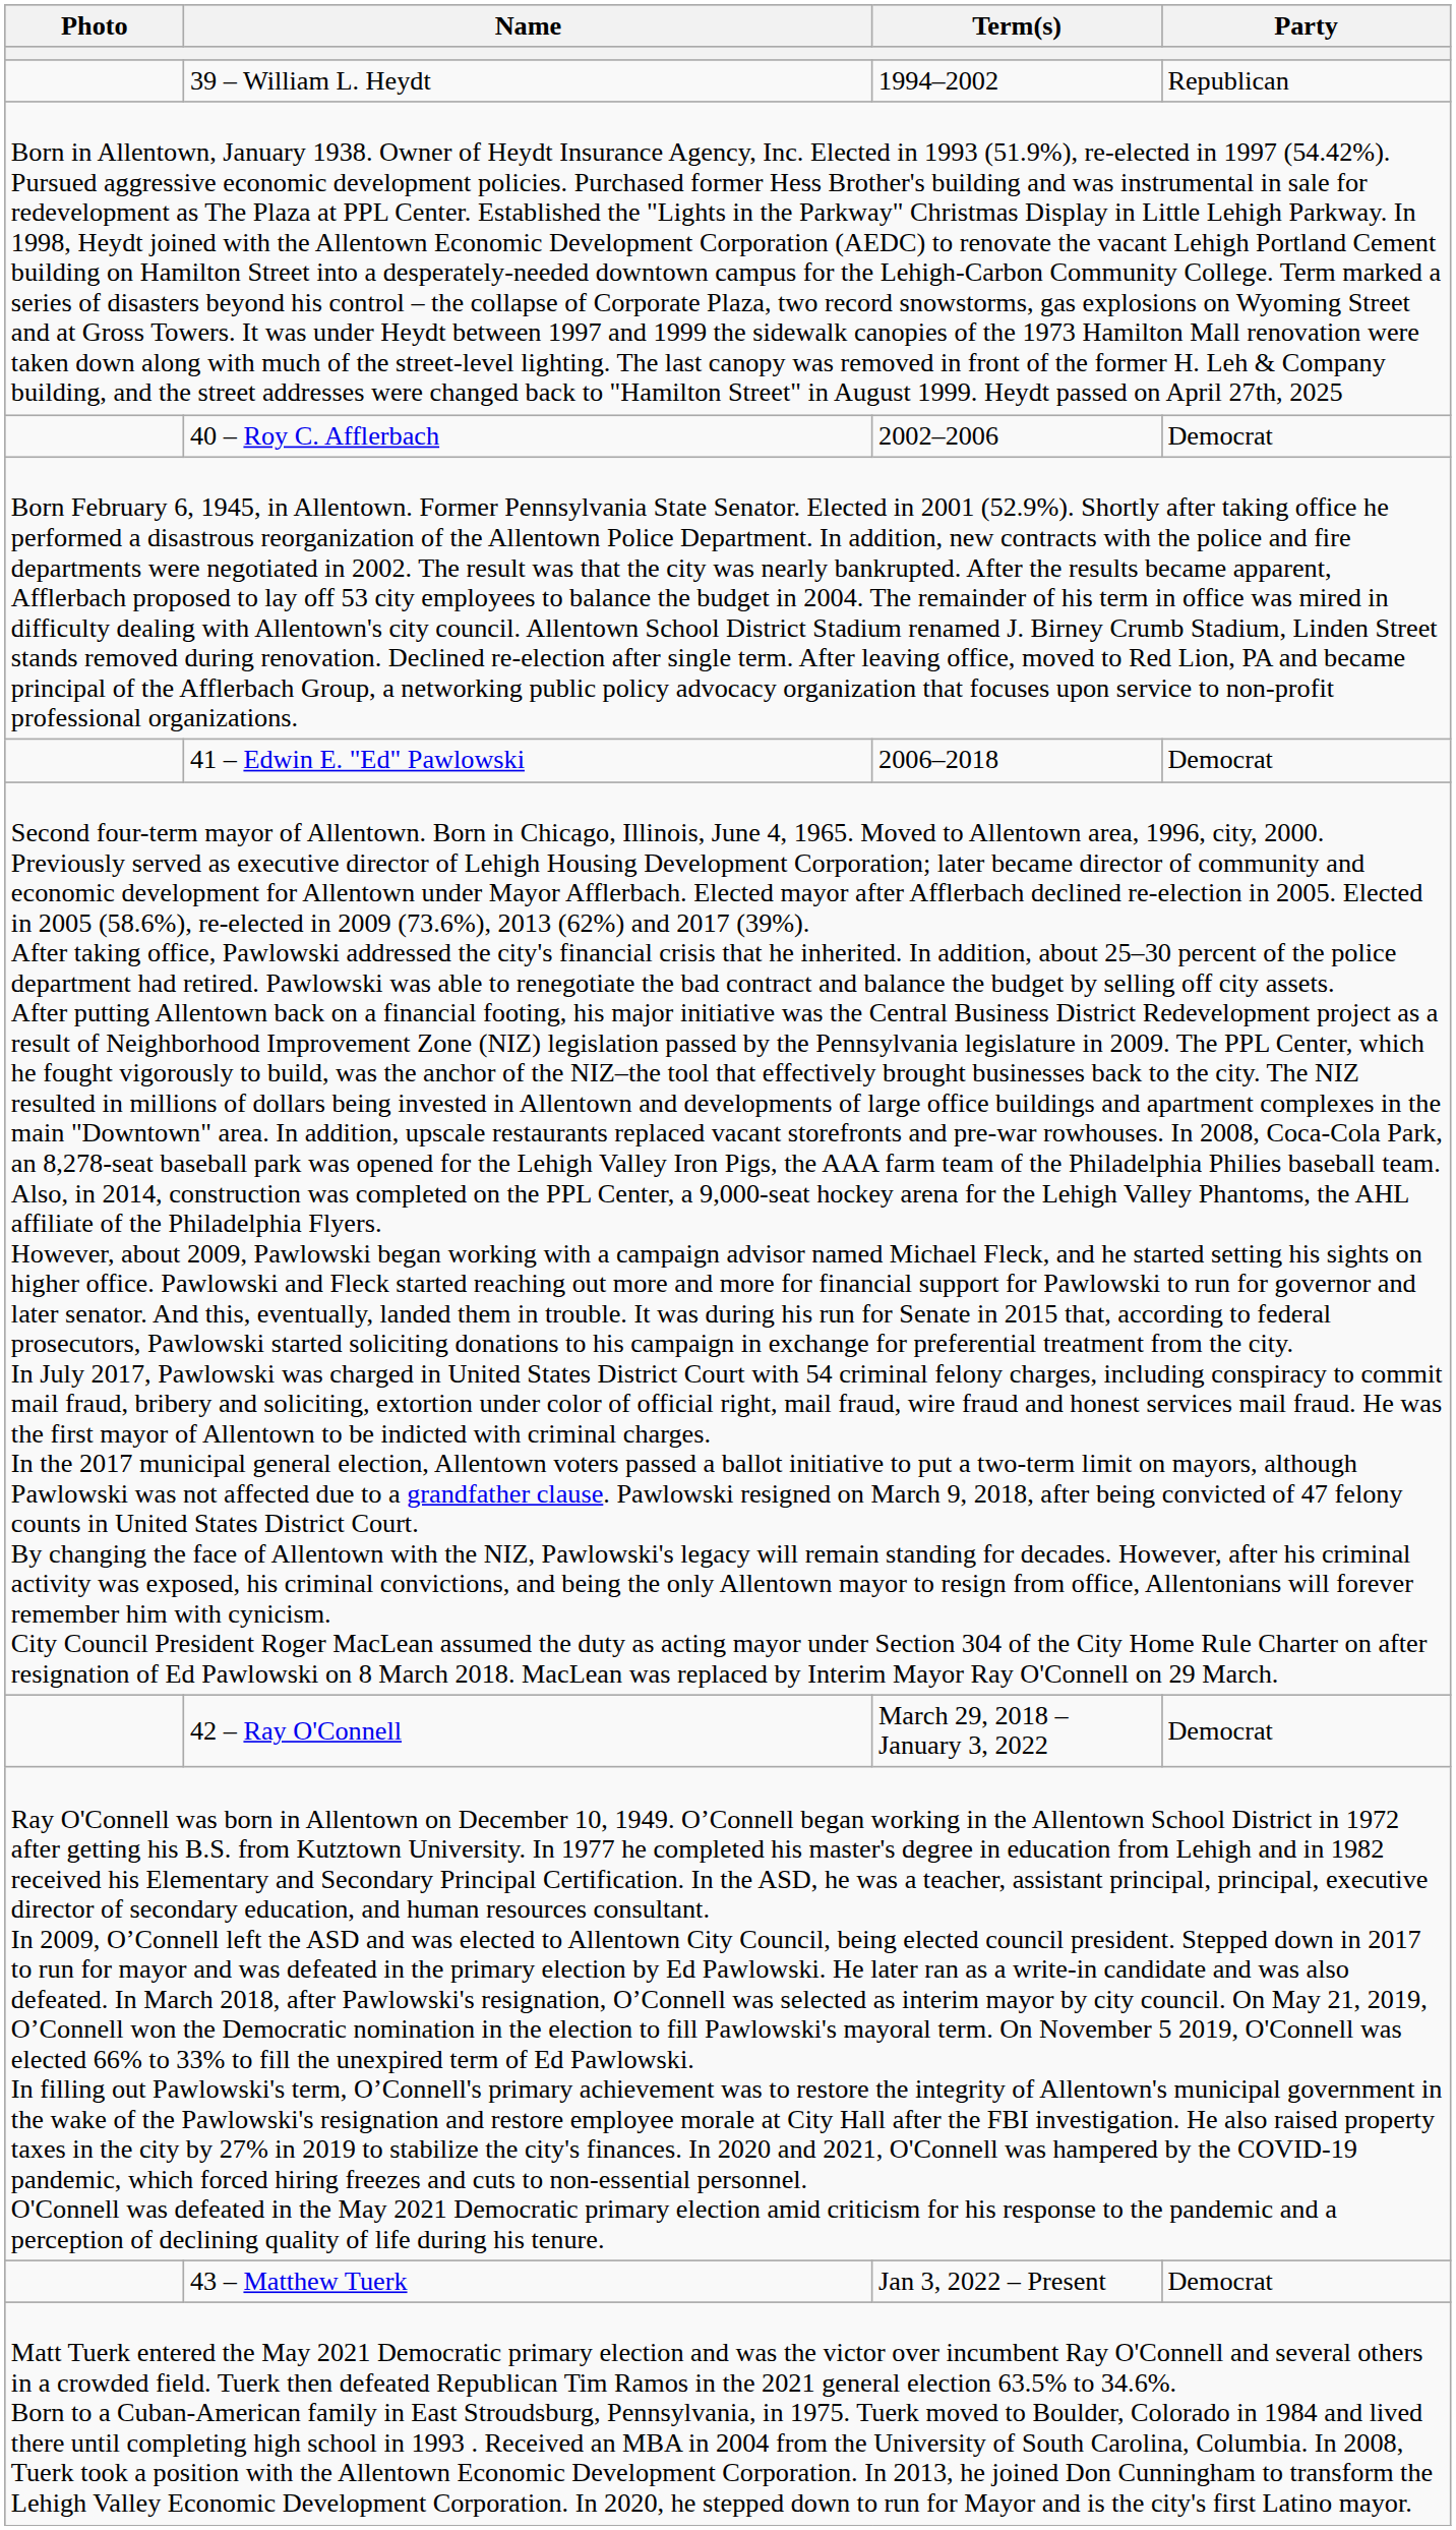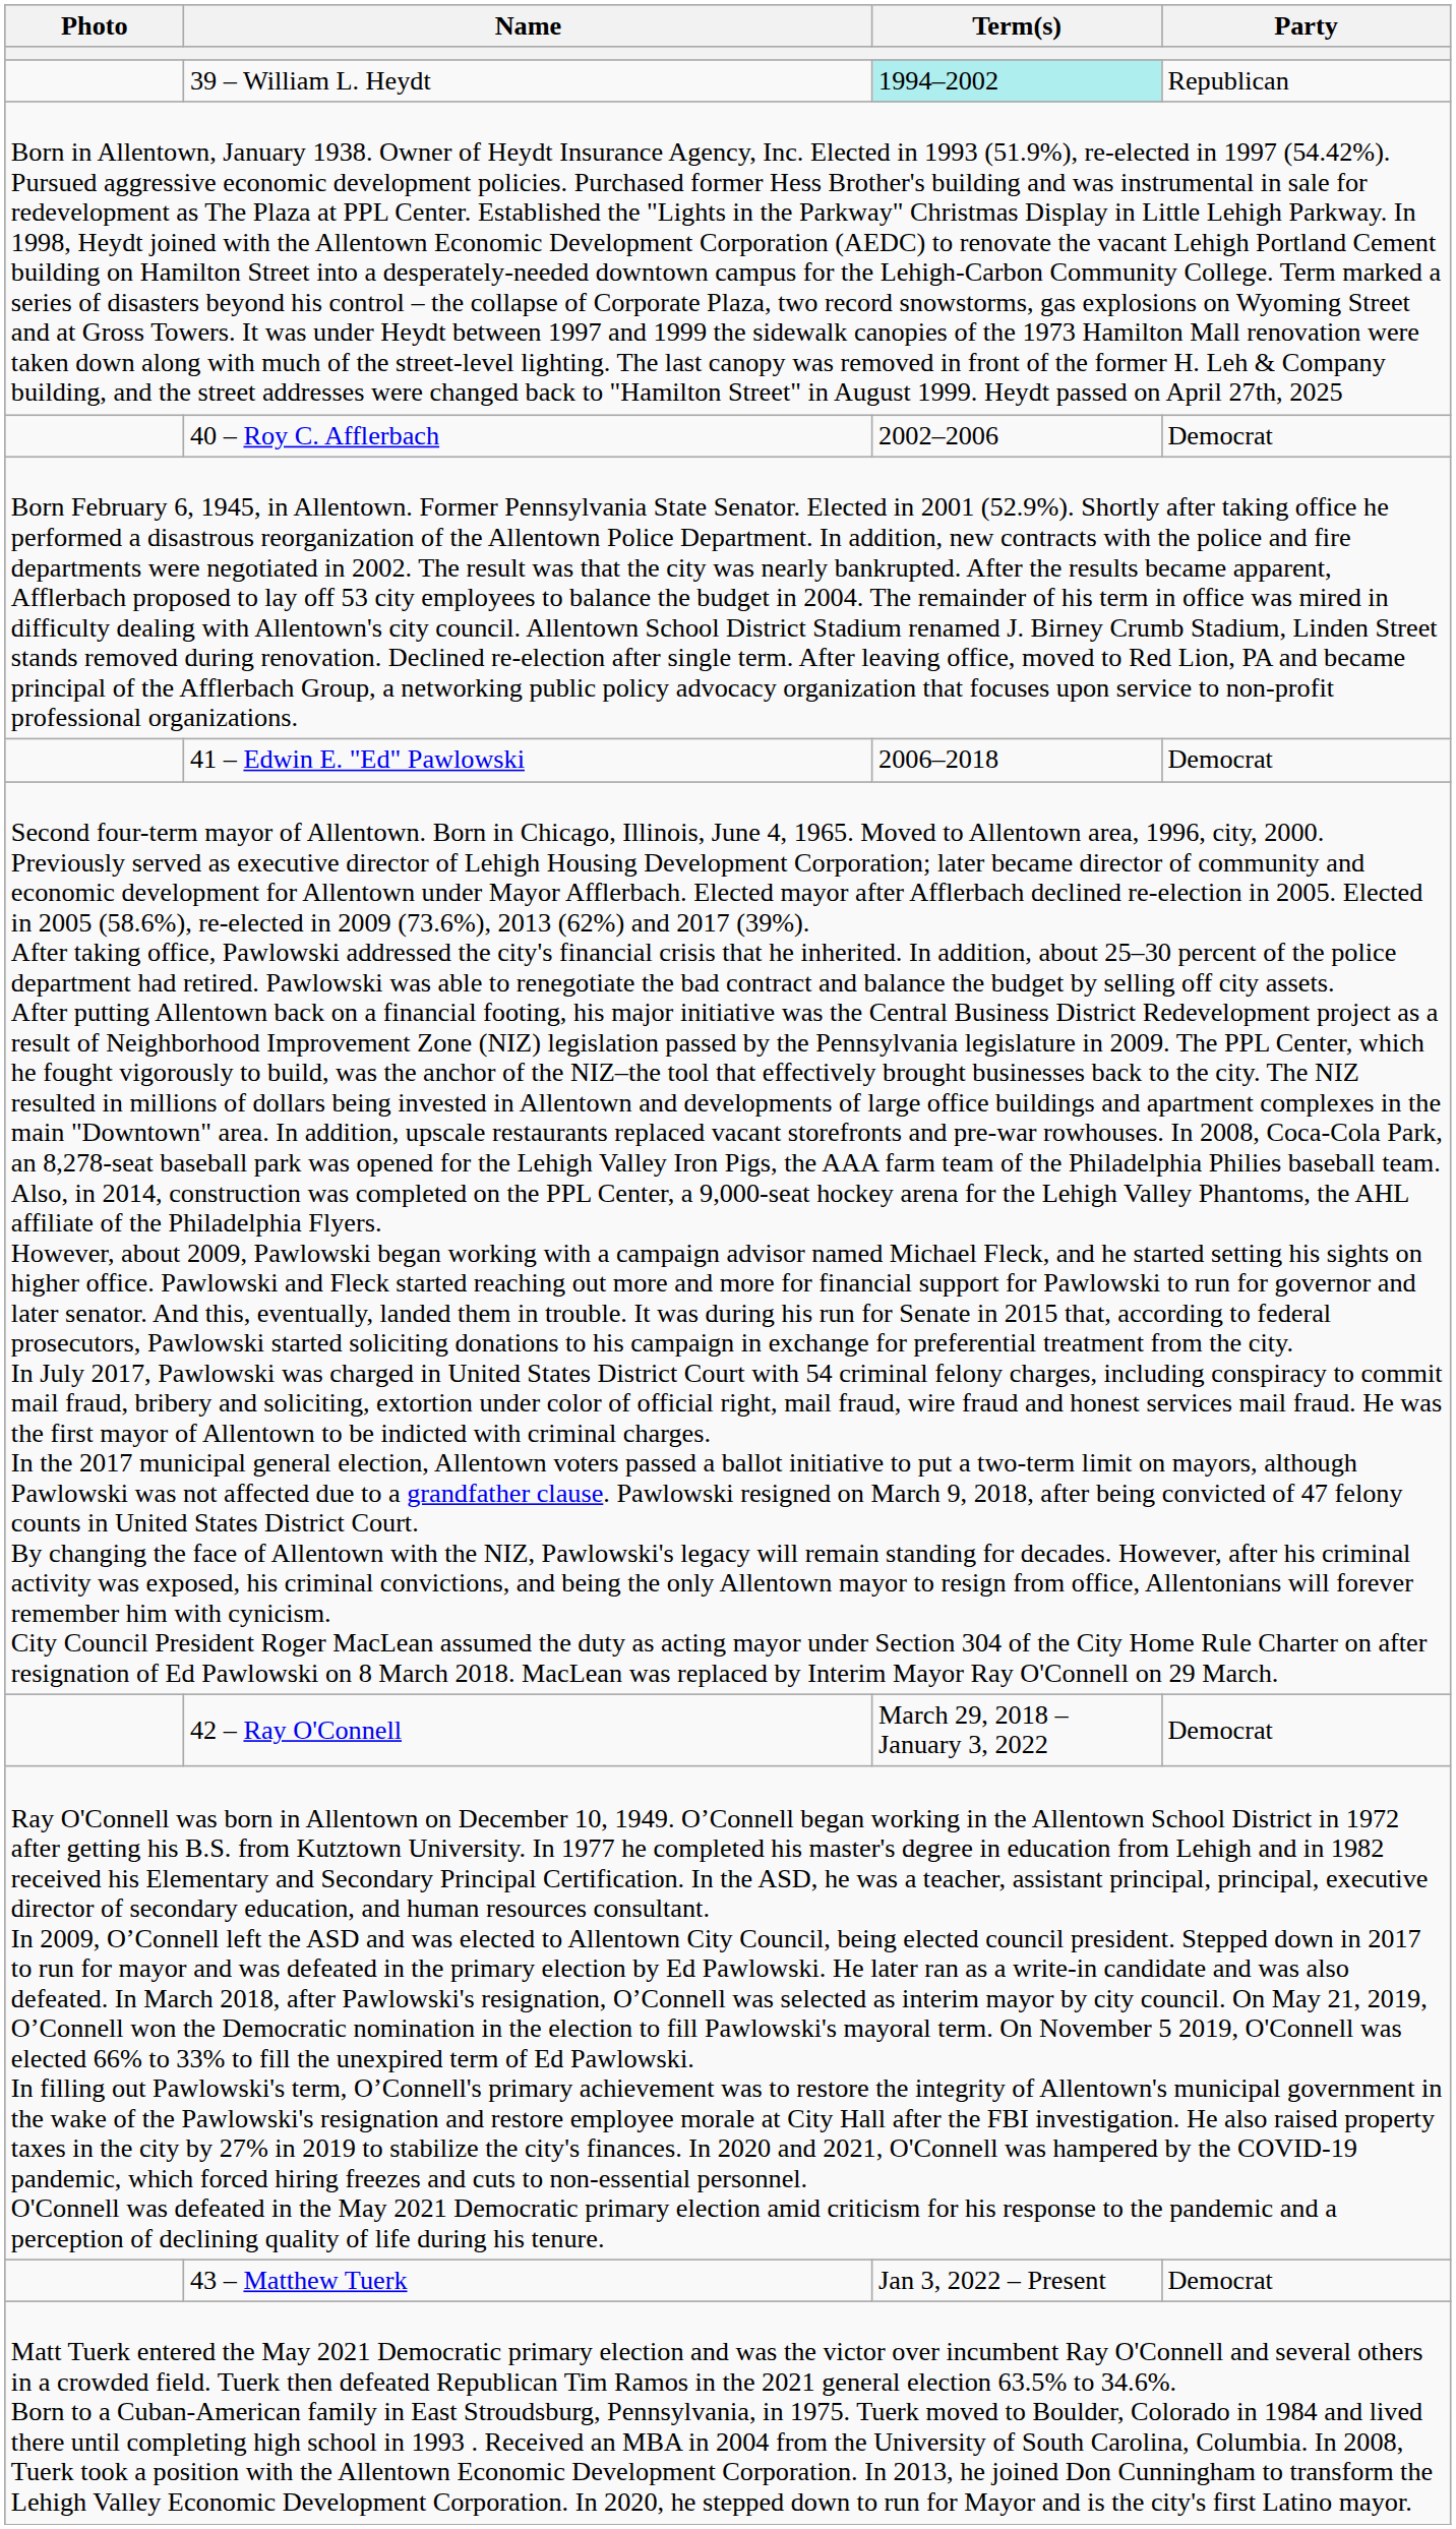 <table class="wikitable">
 <tr>
 <th scope="col" width="100px">Photo</th>
 <th>Name</th>
 <th scope="col" width="20%">Term(s)</th>
 <th scope="col" width="20%">Party</th>
 </tr>
 <tr>
 <th colspan="4"></th>
 </tr>
 <tr>
 <td></td>
 <td>39 – William L. Heydt</td>
-<td>1994–2002</td>
+<td style="background: paleturquoise;">1994–2002</td>
 <td>Republican</td>
 </tr>
 <tr>
 <td colspan="4"><br>Born in Allentown, January 1938. Owner of Heydt Insurance Agency, Inc. Elected in 1993 (51.9%), re-elected in 1997 (54.42%). Pursued aggressive economic development policies. Purchased former Hess Brother's building and was instrumental in sale for redevelopment as The Plaza at PPL Center. Established the "Lights in the Parkway" Christmas Display in Little Lehigh Parkway. In 1998, Heydt joined with the Allentown Economic Development Corporation (AEDC) to renovate the vacant Lehigh Portland Cement building on Hamilton Street into a  desperately-needed downtown campus for the Lehigh-Carbon Community College. Term marked a series of disasters beyond his control – the collapse of Corporate Plaza, two record snowstorms, gas explosions on Wyoming Street and at Gross Towers. It was under Heydt between 1997 and 1999 the sidewalk canopies of the 1973 Hamilton Mall renovation were taken down along with much of the street-level lighting. The last canopy was removed in front of the former H. Leh & Company building, and the street addresses were changed back to "Hamilton Street" in August 1999. Heydt passed on April 27th, 2025</td>
 </tr>
 <tr>
 <td></td>
 <td>40 – <a href='#'>Roy C. Afflerbach</a></td>
 <td>2002–2006</td>
 <td>Democrat</td>
 </tr>
 <tr>
 <td colspan="4"><br>Born February 6, 1945, in Allentown. Former Pennsylvania State Senator. Elected in 2001 (52.9%).  Shortly after taking office he performed a disastrous reorganization of the Allentown Police Department. In addition, new contracts with the police and fire departments were negotiated in 2002. The result was that the city was nearly bankrupted. After the results became apparent, Afflerbach proposed to lay off 53 city employees to balance the budget in 2004. The remainder of his term in office was mired in difficulty dealing with Allentown's city council. Allentown School District Stadium renamed J. Birney Crumb Stadium, Linden Street stands removed during renovation. Declined re-election after single term. After leaving office, moved to Red Lion, PA and became principal of the Afflerbach Group, a networking public policy advocacy organization that focuses upon service to non-profit professional organizations.</td>
 </tr>
 <tr>
 <td></td>
 <td>41 – <a href='#'>Edwin E. "Ed" Pawlowski</a></td>
 <td>2006–2018</td>
 <td>Democrat</td>
 </tr>
 <tr>
 <td colspan="4"><br>Second four-term mayor of Allentown. Born in Chicago, Illinois, June 4, 1965. Moved to Allentown area, 1996, city, 2000. Previously served as executive director of Lehigh Housing Development Corporation; later became director of community and economic development for Allentown under Mayor Afflerbach. Elected mayor after Afflerbach declined re-election in 2005. Elected in 2005 (58.6%), re-elected in 2009 (73.6%), 2013 (62%) and 2017 (39%).<br>After taking office, Pawlowski addressed the city's financial crisis that he inherited. In addition, about 25–30 percent of the police department had retired. Pawlowski was able to renegotiate the bad contract and balance the budget by selling off city assets.<br>After putting Allentown back on a financial footing, his major initiative was the Central Business District Redevelopment project as a result of Neighborhood Improvement Zone (NIZ) legislation passed by the Pennsylvania legislature in 2009. The PPL Center, which he fought vigorously to build, was the anchor of the NIZ–the tool that effectively brought businesses back to the city. The NIZ resulted in millions of dollars being invested in Allentown and developments of large office buildings and apartment complexes in the main "Downtown" area. In addition, upscale restaurants replaced vacant storefronts and pre-war rowhouses.  In 2008, Coca-Cola Park, an 8,278-seat baseball park was opened for the Lehigh Valley Iron Pigs, the AAA farm team of the Philadelphia Philies baseball team. Also, in 2014, construction was completed on the PPL Center, a 9,000-seat hockey arena for the Lehigh Valley Phantoms, the AHL affiliate of the Philadelphia Flyers.<br>However, about 2009, Pawlowski began working with a campaign advisor named Michael Fleck, and he started setting his sights on higher office. Pawlowski and Fleck started reaching out more and more for financial support for Pawlowski to run for governor and later senator. And this, eventually, landed them in trouble. It was during his run for Senate in 2015 that, according to federal prosecutors, Pawlowski started soliciting donations to his campaign in exchange for preferential treatment from the city.<br>In July 2017, Pawlowski was charged in United States District Court with 54 criminal felony charges, including conspiracy to commit mail fraud, bribery and soliciting, extortion under color of official right, mail fraud, wire fraud and honest services mail fraud. He was the first mayor of Allentown to be indicted with criminal charges.<br>In the 2017 municipal general election, Allentown voters passed a ballot initiative to put a two-term limit on mayors, although Pawlowski was not affected due to a <a href='#'>grandfather clause</a>. Pawlowski resigned on March 9, 2018, after being convicted of 47 felony counts in United States District Court.<br>By changing the face of Allentown with the NIZ, Pawlowski's legacy will remain standing for decades. However, after his criminal activity was exposed, his criminal convictions, and being the only Allentown mayor to resign from office, Allentonians will forever remember him with cynicism.<br>City Council President Roger MacLean assumed the duty as acting mayor under Section 304 of the City Home Rule Charter on after resignation of Ed Pawlowski on 8 March 2018. MacLean was replaced by Interim Mayor Ray O'Connell on 29 March.</td>
 </tr>
 <tr>
 <td></td>
 <td>42 – <a href='#'>Ray O'Connell</a></td>
 <td>March 29, 2018 – January 3, 2022</td>
 <td>Democrat</td>
 </tr>
 <tr>
 <td colspan="4"><br>Ray O'Connell was born in Allentown on December 10, 1949. O’Connell began working in the Allentown School District in 1972 after getting his B.S. from Kutztown University. In 1977 he completed his master's degree in education from Lehigh and in 1982 received his Elementary and Secondary Principal Certification. In the ASD, he was a teacher, assistant principal, principal, executive director of secondary education, and human resources consultant.<br>In 2009, O’Connell left the ASD and was elected to Allentown City Council, being elected council president.  Stepped down in 2017 to run for mayor and was defeated in the primary election by Ed Pawlowski.  He later ran as a write-in candidate and was also defeated. In March 2018, after Pawlowski's resignation, O’Connell was selected as interim mayor by city council. On May 21, 2019, O’Connell won the Democratic nomination in the election to fill Pawlowski's mayoral term. On November 5 2019, O'Connell was elected 66% to 33% to fill the unexpired term of Ed Pawlowski.<br>In filling out Pawlowski's term, O’Connell's primary achievement was to restore the integrity of Allentown's municipal government in the wake of the Pawlowski's resignation and restore employee morale at City Hall after the FBI investigation. He also raised property taxes in the city by 27% in 2019 to stabilize the city's finances. In 2020 and 2021, O'Connell was hampered by the COVID-19 pandemic, which forced hiring freezes and cuts to non-essential personnel.<br>O'Connell was defeated in the May 2021 Democratic primary election amid criticism for his response to the pandemic and a perception of declining quality of life during his tenure.</td>
 </tr>
 <tr>
 <td></td>
 <td>43 – <a href='#'>Matthew Tuerk</a></td>
 <td>Jan 3, 2022 – Present</td>
 <td>Democrat</td>
 </tr>
 <tr>
 <td colspan="4"><br>Matt Tuerk entered the May 2021 Democratic primary election and was the victor over incumbent Ray O'Connell and several others in a crowded field. Tuerk then defeated Republican Tim Ramos in the 2021 general election  63.5% to 34.6%.<br>Born to a Cuban-American family in East Stroudsburg, Pennsylvania, in 1975. Tuerk moved to Boulder, Colorado in 1984 and lived there until completing high school in 1993 .  Received an MBA in 2004 from the University of South Carolina, Columbia.  In 2008, Tuerk took a position with the Allentown Economic Development Corporation.  In 2013, he joined Don Cunningham to transform the Lehigh Valley Economic Development Corporation. In 2020, he stepped down to run for Mayor and is the city's first Latino mayor.</td>
 </tr>
 <tr>
 </tr>
 </table>
